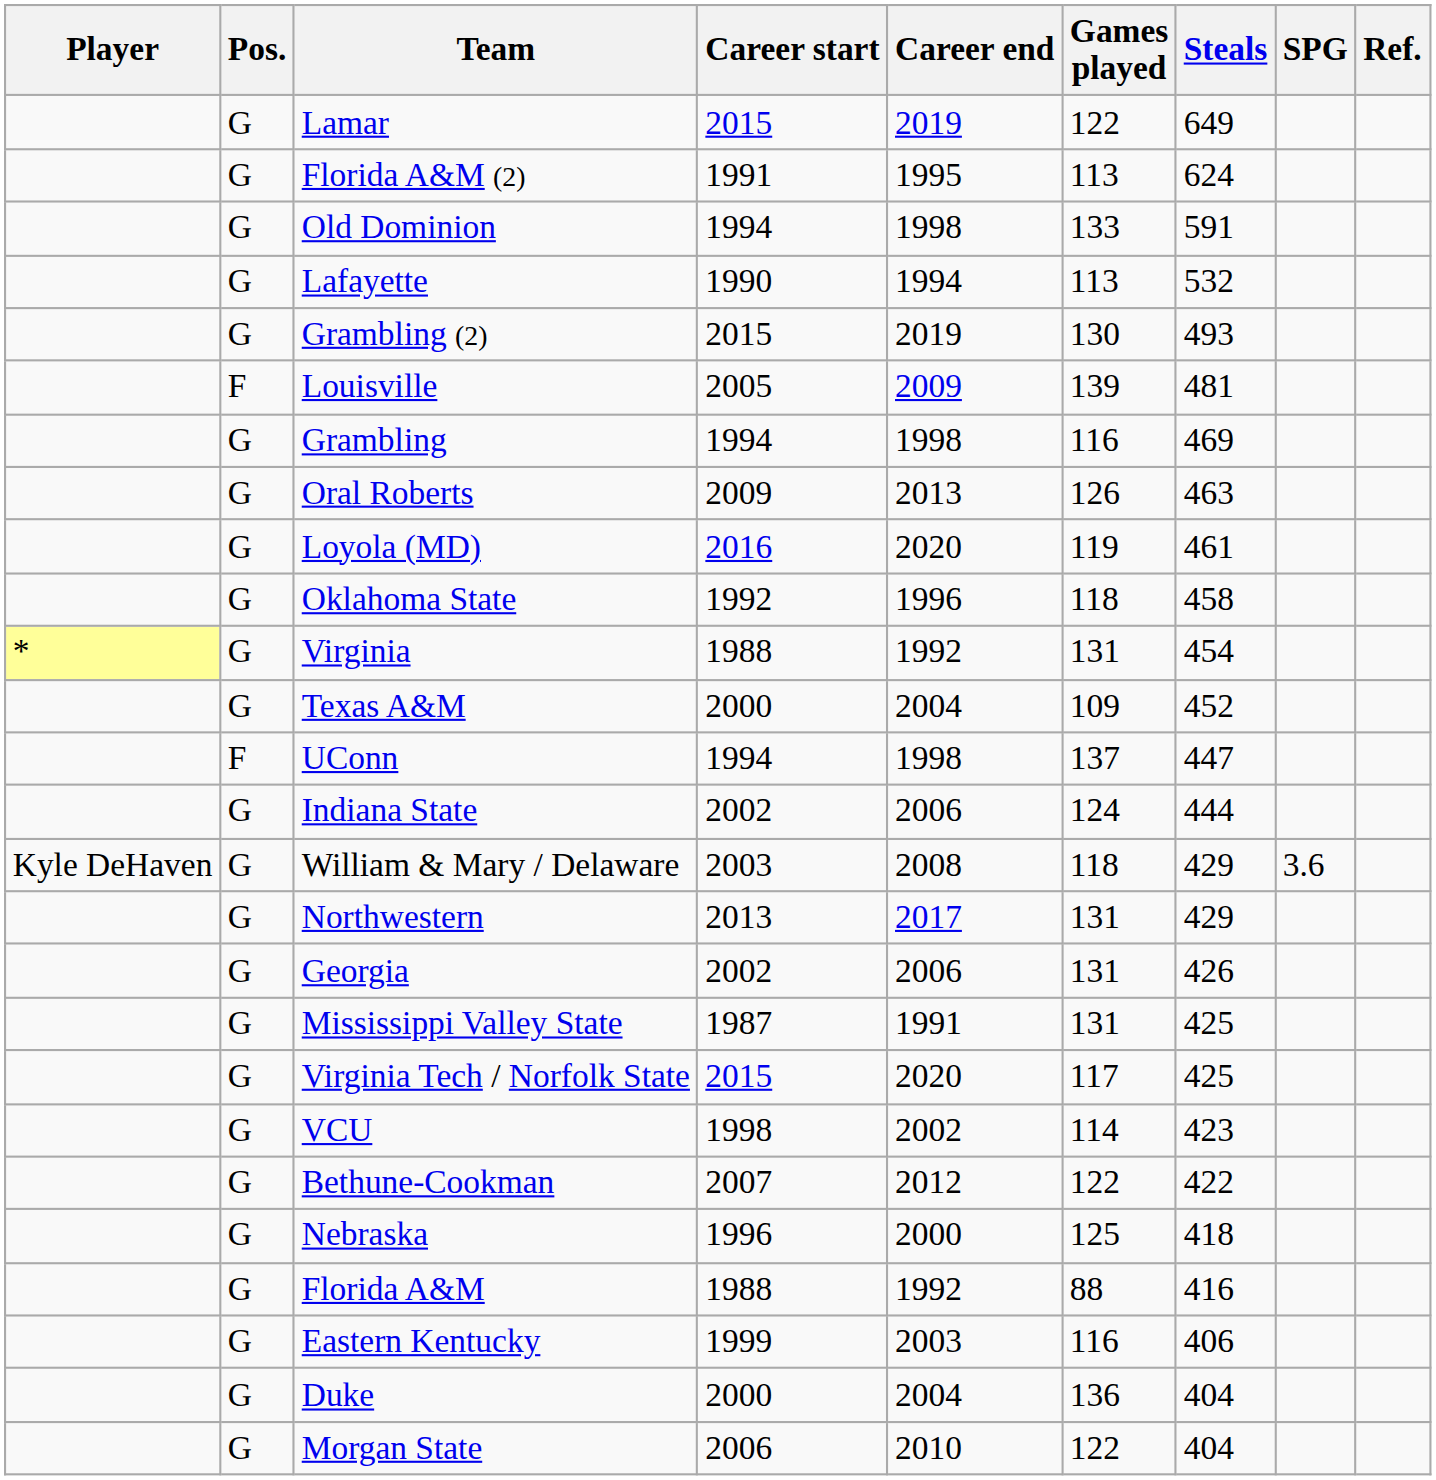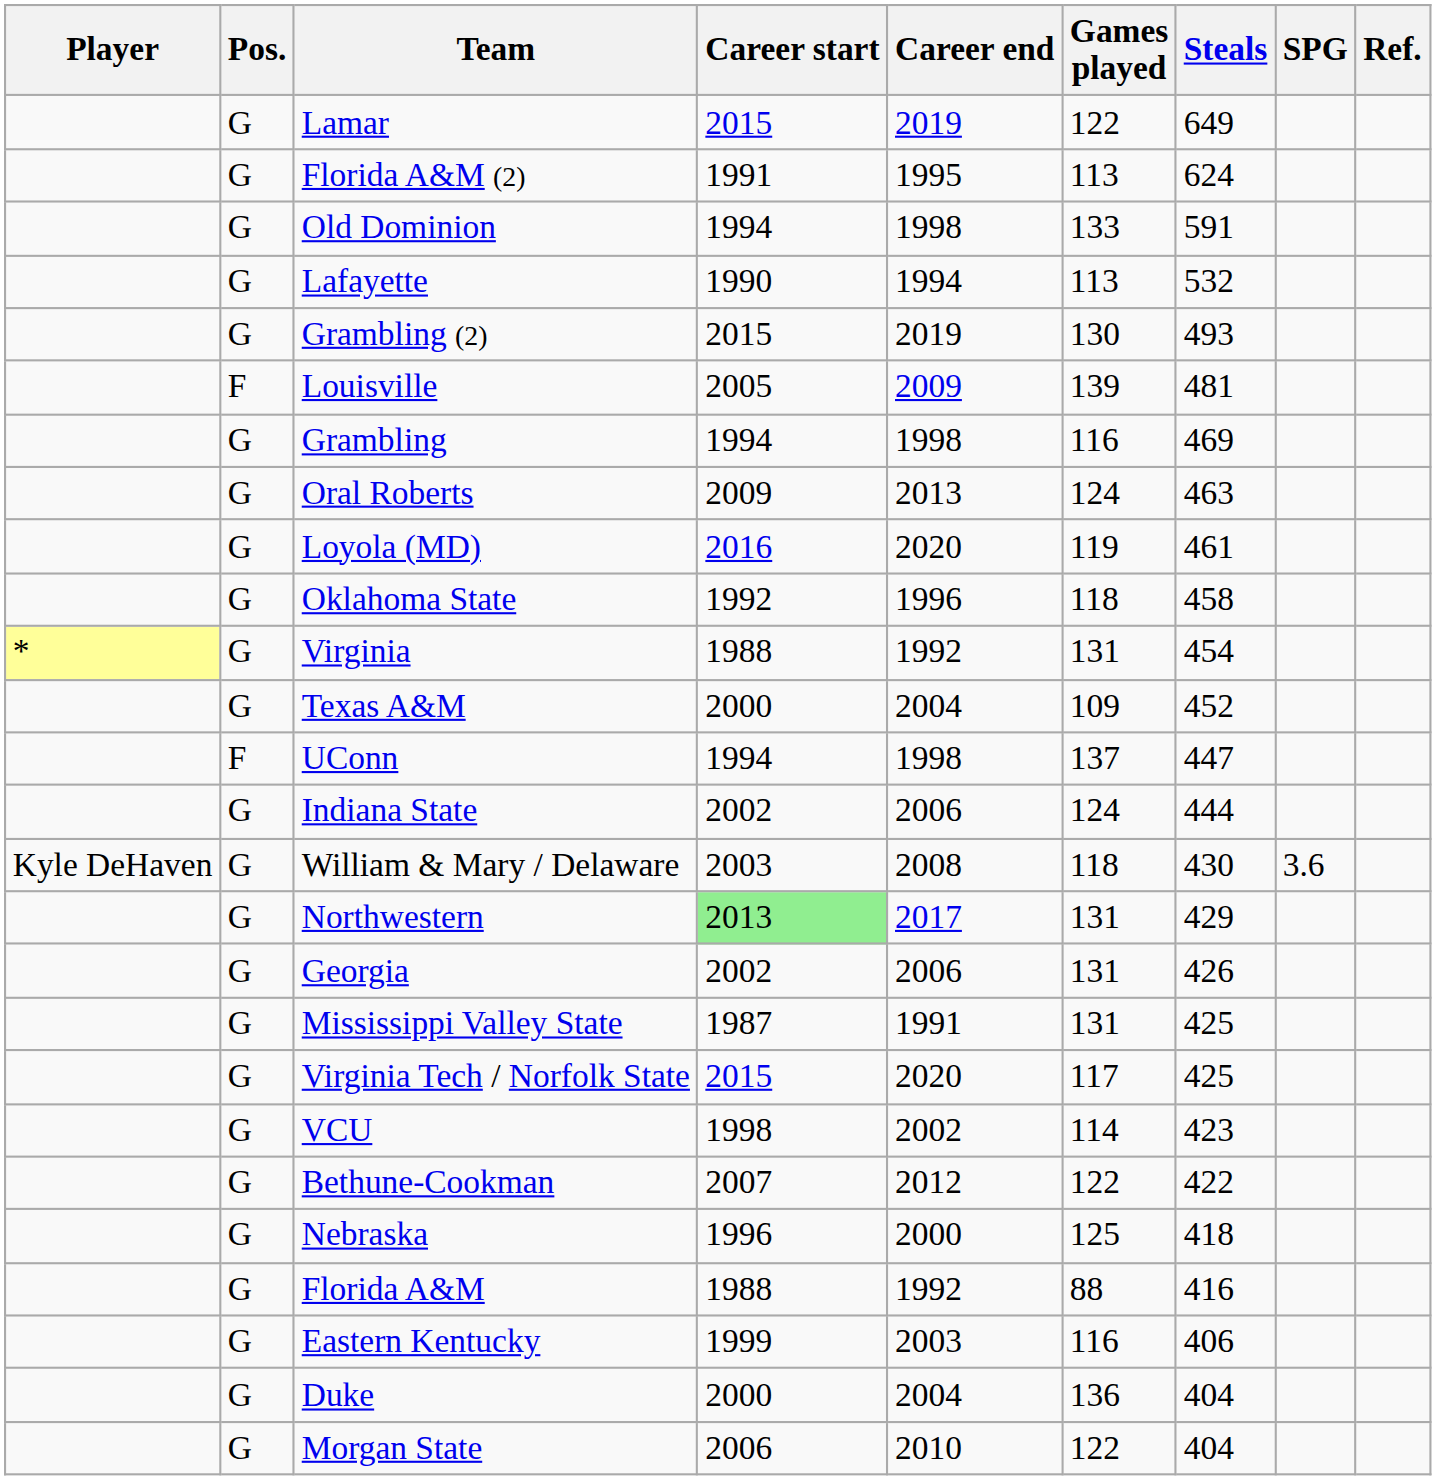 <table class="wikitable sortable">
 <tr>
 <th>Player</th>
 <th class="unsortable">Pos.</th>
 <th>Team</th>
 <th>Career start</th>
 <th>Career end</th>
 <th>Games<br>played</th>
 <th><a href='#'>Steals</a></th>
 <th>SPG</th>
 <th class="unsortable">Ref.</th>
 </tr>
 <tr>
 <td></td>
 <td>G</td>
 <td><a href='#'>Lamar</a></td>
 <td><a href='#'>2015</a></td>
 <td><a href='#'>2019</a></td>
 <td>122</td>
 <td>649</td>
 <td></td>
 <td></td>
 </tr>
 <tr>
 <td></td>
 <td>G</td>
 <td><a href='#'>Florida A&M</a> <small>(2)</small></td>
 <td>1991</td>
 <td>1995</td>
 <td>113</td>
 <td>624</td>
 <td></td>
 <td></td>
 </tr>
 <tr>
 <td></td>
 <td>G</td>
 <td><a href='#'>Old Dominion</a></td>
 <td>1994</td>
 <td>1998</td>
 <td>133</td>
 <td>591</td>
 <td></td>
 <td></td>
 </tr>
 <tr>
 <td></td>
 <td>G</td>
 <td><a href='#'>Lafayette</a></td>
 <td>1990</td>
 <td>1994</td>
 <td>113</td>
 <td>532</td>
 <td></td>
 <td></td>
 </tr>
 <tr>
 <td></td>
 <td>G</td>
 <td><a href='#'>Grambling</a> <small>(2)</small></td>
 <td>2015</td>
 <td>2019</td>
 <td>130</td>
 <td>493</td>
 <td></td>
 <td></td>
 </tr>
 <tr>
 <td></td>
 <td>F</td>
 <td><a href='#'>Louisville</a></td>
 <td>2005</td>
 <td><a href='#'>2009</a></td>
 <td>139</td>
 <td>481</td>
 <td></td>
 <td></td>
 </tr>
 <tr>
 <td></td>
 <td>G</td>
 <td><a href='#'>Grambling</a></td>
 <td>1994</td>
 <td>1998</td>
 <td>116</td>
 <td>469</td>
 <td></td>
 <td></td>
 </tr>
 <tr>
 <td></td>
 <td>G</td>
 <td><a href='#'>Oral Roberts</a></td>
 <td>2009</td>
 <td>2013</td>
-<td>126</td>
+<td>124</td>
 <td>463</td>
 <td></td>
 <td></td>
 </tr>
 <tr>
 <td></td>
 <td>G</td>
 <td><a href='#'>Loyola (MD)</a></td>
 <td><a href='#'>2016</a></td>
 <td>2020</td>
 <td>119</td>
 <td>461</td>
 <td></td>
 <td></td>
 </tr>
 <tr>
 <td></td>
 <td>G</td>
 <td><a href='#'>Oklahoma State</a></td>
 <td>1992</td>
 <td>1996</td>
 <td>118</td>
 <td>458</td>
 <td></td>
 <td></td>
 </tr>
 <tr>
 <td style="background-color:#ff9;">*</td>
 <td>G</td>
 <td><a href='#'>Virginia</a></td>
 <td>1988</td>
 <td>1992</td>
 <td>131</td>
 <td>454</td>
 <td></td>
 <td></td>
 </tr>
 <tr>
 <td></td>
 <td>G</td>
 <td><a href='#'>Texas A&M</a></td>
 <td>2000</td>
 <td>2004</td>
 <td>109</td>
 <td>452</td>
 <td></td>
 <td></td>
 </tr>
 <tr>
 <td></td>
 <td>F</td>
 <td><a href='#'>UConn</a></td>
 <td>1994</td>
 <td>1998</td>
 <td>137</td>
 <td>447</td>
 <td></td>
 <td></td>
 </tr>
 <tr>
 <td></td>
 <td>G</td>
 <td><a href='#'>Indiana State</a></td>
 <td>2002</td>
 <td>2006</td>
 <td>124</td>
 <td>444</td>
 <td></td>
 <td></td>
 </tr>
 <tr>
 <td>Kyle DeHaven</td>
 <td>G</td>
 <td>William & Mary / Delaware</td>
 <td>2003</td>
 <td>2008</td>
 <td>118</td>
-<td>429</td>
+<td>430</td>
 <td>3.6</td>
 <td></td>
 </tr>
 <tr>
 <td></td>
 <td>G</td>
 <td><a href='#'>Northwestern</a></td>
-<td>2013</td>
+<td style="background: lightgreen;">2013</td>
 <td><a href='#'>2017</a></td>
 <td>131</td>
 <td>429</td>
 <td></td>
 <td></td>
 </tr>
 <tr>
 <td></td>
 <td>G</td>
 <td><a href='#'>Georgia</a></td>
 <td>2002</td>
 <td>2006</td>
 <td>131</td>
 <td>426</td>
 <td></td>
 <td></td>
 </tr>
 <tr>
 <td></td>
 <td>G</td>
 <td><a href='#'>Mississippi Valley State</a></td>
 <td>1987</td>
 <td>1991</td>
 <td>131</td>
 <td>425</td>
 <td></td>
 <td></td>
 </tr>
 <tr>
 <td></td>
 <td>G</td>
 <td><a href='#'>Virginia Tech</a> / <a href='#'>Norfolk State</a></td>
 <td><a href='#'>2015</a></td>
 <td>2020</td>
 <td>117</td>
 <td>425</td>
 <td></td>
 <td></td>
 </tr>
 <tr>
 <td></td>
 <td>G</td>
 <td><a href='#'>VCU</a></td>
 <td>1998</td>
 <td>2002</td>
 <td>114</td>
 <td>423</td>
 <td></td>
 <td></td>
 </tr>
 <tr>
 <td></td>
 <td>G</td>
 <td><a href='#'>Bethune-Cookman</a></td>
 <td>2007</td>
 <td>2012</td>
 <td>122</td>
 <td>422</td>
 <td></td>
 <td></td>
 </tr>
 <tr>
 <td></td>
 <td>G</td>
 <td><a href='#'>Nebraska</a></td>
 <td>1996</td>
 <td>2000</td>
 <td>125</td>
 <td>418</td>
 <td></td>
 <td></td>
 </tr>
 <tr>
 <td></td>
 <td>G</td>
 <td><a href='#'>Florida A&M</a></td>
 <td>1988</td>
 <td>1992</td>
 <td>88</td>
 <td>416</td>
 <td></td>
 <td></td>
 </tr>
 <tr>
 <td></td>
 <td>G</td>
 <td><a href='#'>Eastern Kentucky</a></td>
 <td>1999</td>
 <td>2003</td>
 <td>116</td>
 <td>406</td>
 <td></td>
 <td></td>
 </tr>
 <tr>
 <td></td>
 <td>G</td>
 <td><a href='#'>Duke</a></td>
 <td>2000</td>
 <td>2004</td>
 <td>136</td>
 <td>404</td>
 <td></td>
 <td></td>
 </tr>
 <tr>
 <td></td>
 <td>G</td>
 <td><a href='#'>Morgan State</a></td>
 <td>2006</td>
 <td>2010</td>
 <td>122</td>
 <td>404</td>
 <td></td>
 <td></td>
 </tr>
 </table>
